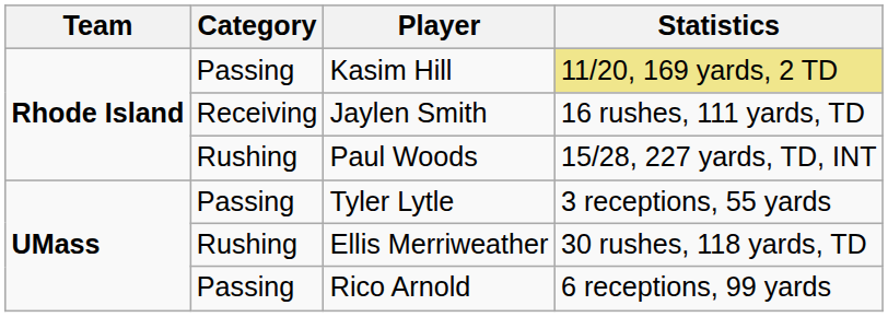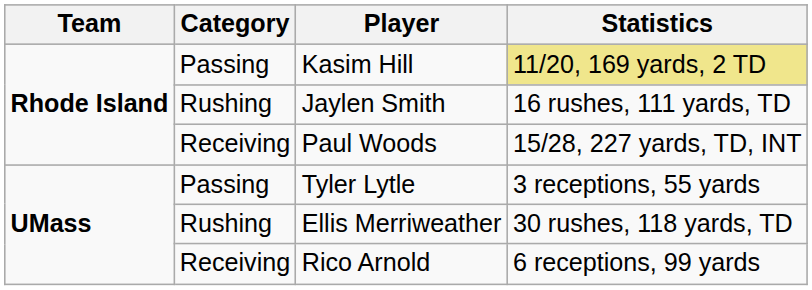 <table class="wikitable" style="float: left;">
 <tr>
 <th>Team</th>
 <th>Category</th>
 <th>Player</th>
 <th>Statistics</th>
 </tr>
 <tr>
 <td rowspan=3><strong>Rhode Island</strong></td>
 <td>Passing</td>
 <td>Kasim Hill</td>
 <td style="background: khaki;">11/20, 169 yards, 2 TD</td>
 </tr>
 <tr>
-<td>Receiving</td>
+<td>Rushing</td>
 <td>Jaylen Smith</td>
 <td>16 rushes, 111 yards, TD</td>
 </tr>
 <tr>
-<td>Rushing</td>
+<td>Receiving</td>
 <td>Paul Woods</td>
 <td>15/28, 227 yards, TD, INT</td>
 </tr>
 <tr>
 <td rowspan=3><strong>UMass</strong></td>
 <td>Passing</td>
 <td>Tyler Lytle</td>
 <td>3 receptions, 55 yards</td>
 </tr>
 <tr>
 <td>Rushing</td>
 <td>Ellis Merriweather</td>
 <td>30 rushes, 118 yards, TD</td>
 </tr>
 <tr>
-<td>Passing</td>
+<td>Receiving</td>
 <td>Rico Arnold</td>
 <td>6 receptions, 99 yards</td>
 </tr>
 </table>
